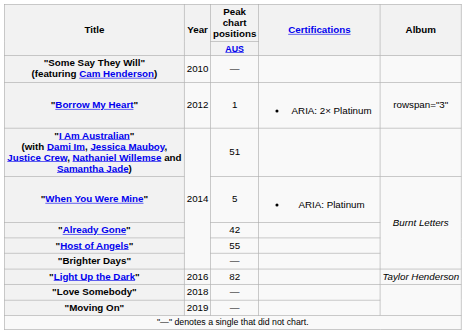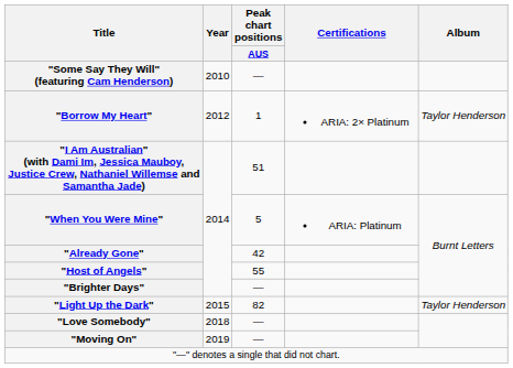 <table class="wikitable plainrowheaders" style="text-align:center;">
 <tr>
 <th scope="col" rowspan="2" style="width:18em;">Title</th>
 <th scope="col" rowspan="2" style="width:1em;">Year</th>
 <th scope="col" colspan="1">Peak chart positions</th>
 <th scope="col" rowspan="2" style="width:12em;"><a href='#'>Certifications</a></th>
 <th scope="col" rowspan="2">Album</th>
 </tr>
 <tr>
 <th scope="col" style="width:3em;font-size:90%;"><a href='#'>AUS</a><br></th>
 </tr>
 <tr>
 <th scope="row">"Some Say They Will"<br><span>(featuring <a href='#'>Cam Henderson</a>)</span></th>
 <td>2010</td>
 <td>—</td>
 <td></td>
 <td></td>
 </tr>
 <tr>
 <th scope="row">"<a href='#'>Borrow My Heart</a>"</th>
 <td>2012</td>
 <td>1</td>
 <td><br><ul><li>ARIA: 2× Platinum</li></ul></td>
-<td>rowspan="3" </td>
+<td><em>Taylor Henderson</em></td>
 </tr>
 <tr>
 <th scope="row">"<a href='#'>I Am Australian</a>"<br><span>(with <a href='#'>Dami Im</a>, <a href='#'>Jessica Mauboy</a>, <a href='#'>Justice Crew</a>, <a href='#'>Nathaniel Willemse</a> and <a href='#'>Samantha Jade</a>)</span></th>
 <td rowspan="5">2014</td>
 <td>51</td>
 <td></td>
 <td></td>
 </tr>
 <tr>
 <th scope="row">"<a href='#'>When You Were Mine</a>"</th>
 <td>5</td>
 <td><br><ul><li>ARIA: Platinum</li></ul></td>
 <td rowspan="4"><em>Burnt Letters</em></td>
 </tr>
 <tr>
 <th scope="row">"<a href='#'>Already Gone</a>"</th>
 <td>42</td>
 <td></td>
 </tr>
 <tr>
 <th scope="row">"<a href='#'>Host of Angels</a>"</th>
 <td>55</td>
 <td></td>
 </tr>
 <tr>
 <th scope="row">"Brighter Days"</th>
 <td>—</td>
 <td></td>
 </tr>
 <tr>
 <th scope="row">"<a href='#'>Light Up the Dark</a>"</th>
-<td>2016</td>
+<td>2015</td>
 <td>82</td>
 <td></td>
 <td><em>Taylor Henderson</em></td>
 </tr>
 <tr>
 <th scope="row">"Love Somebody"</th>
 <td>2018</td>
 <td>—</td>
 <td></td>
 </tr>
 <tr>
 <th scope="row">"Moving On"</th>
 <td>2019</td>
 <td>—</td>
 <td></td>
 </tr>
 <tr>
 <td colspan="5" style="font-size:90%">"—" denotes a single that did not chart.</td>
 </tr>
 </table>
